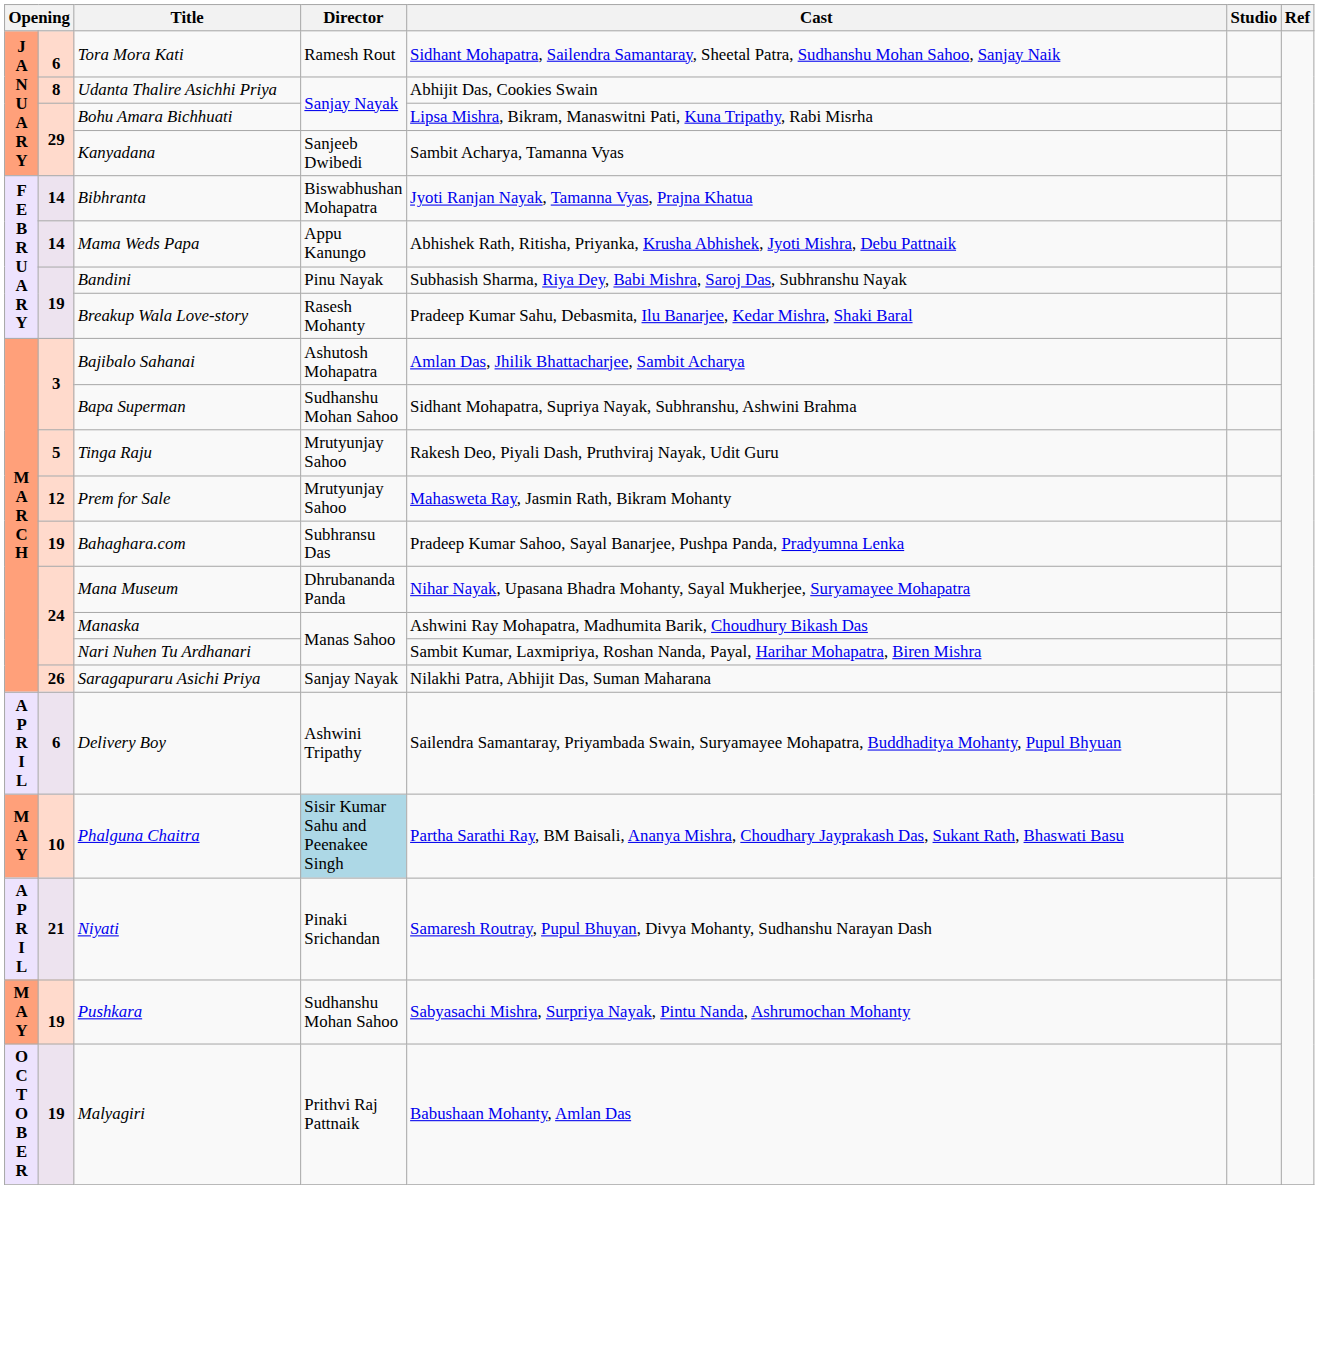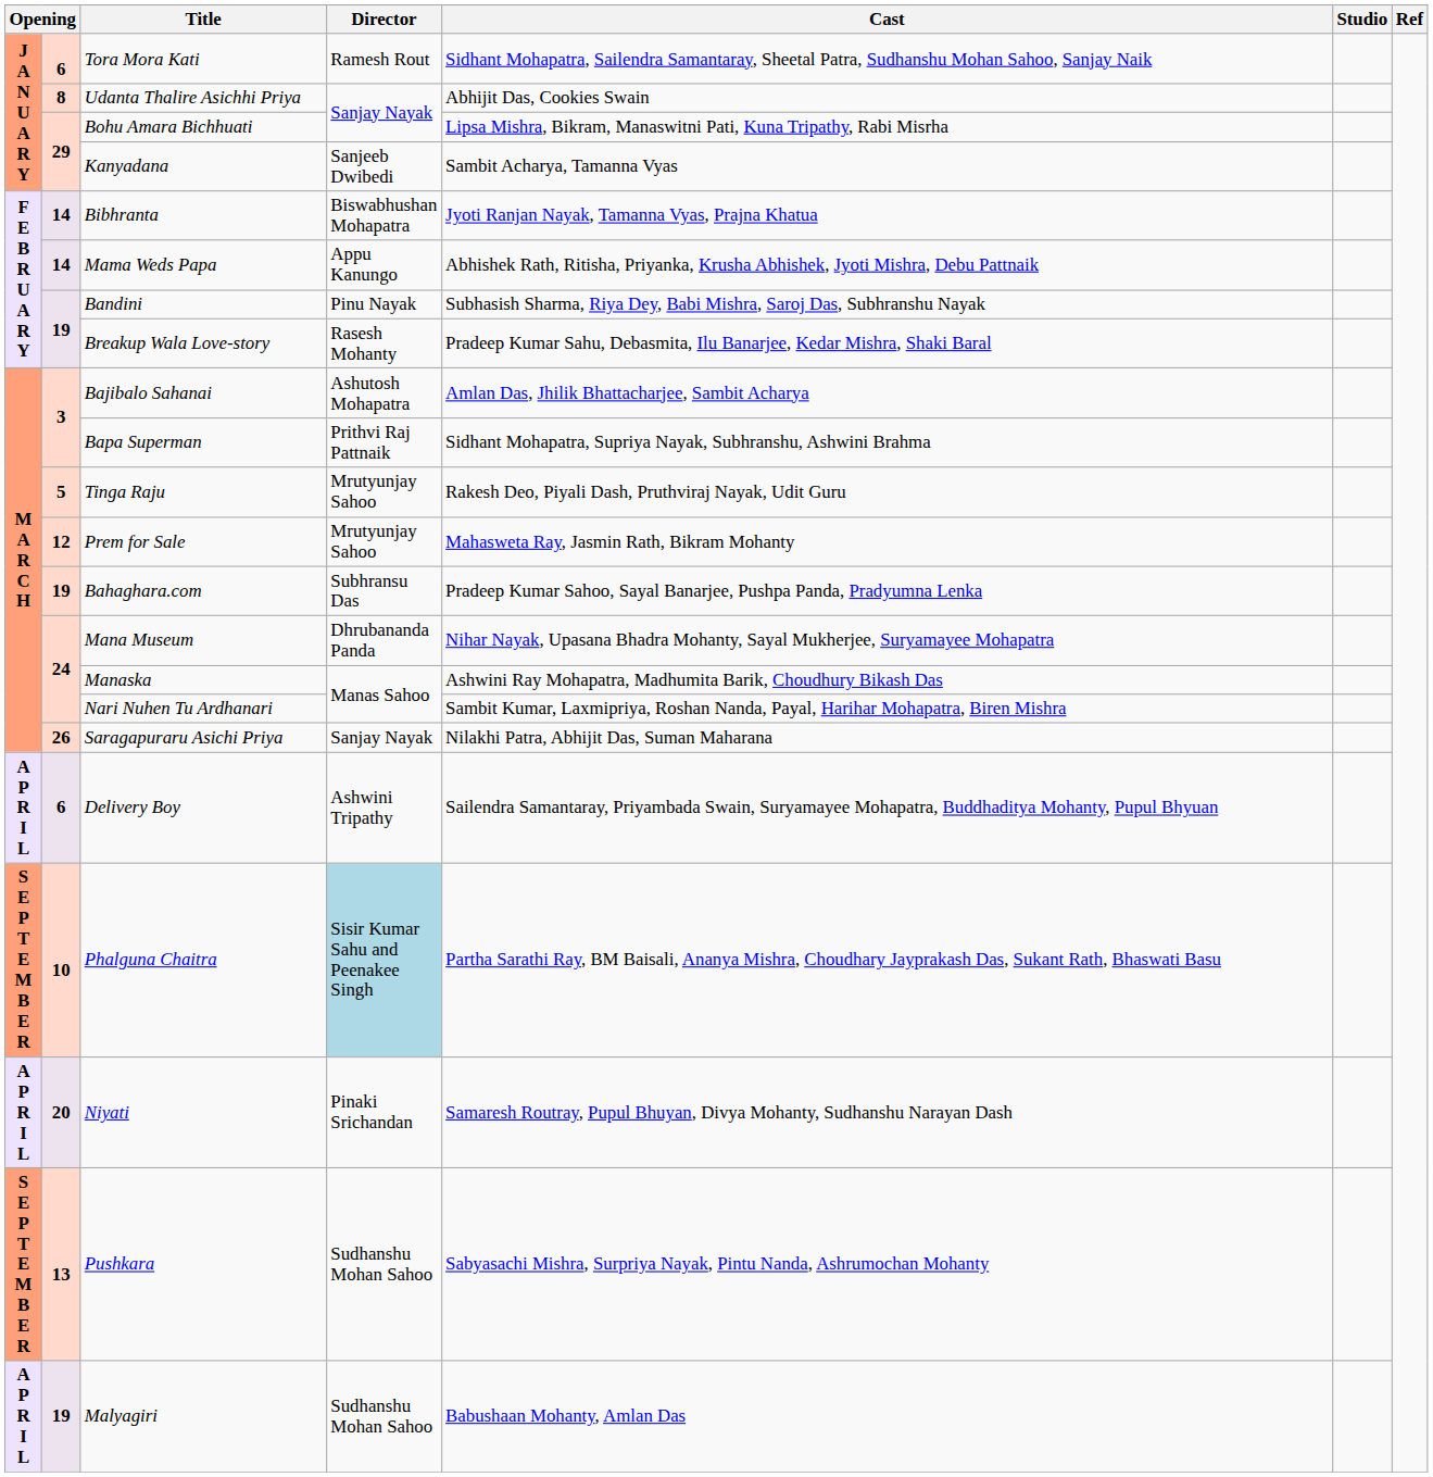 <table class="wikitable sortable">
 <tr>
 <th colspan="2">Opening</th>
 <th style="width:20%;">Title</th>
 <th>Director</th>
 <th style="width:80%;">Cast</th>
 <th>Studio</th>
 <th>Ref</th>
 </tr>
 <tr January!>
 <td rowspan="4"   style="text-align:center;background:#ffa07a;textcolor:#000;"><strong>J<br>A<br>N<br>U<br>A<br>R<br>Y</strong></td>
 <td rowspan="1" style="text-align:center;background:#ffdacc;"><br><strong>6</strong></td>
 <td><em>Tora Mora Kati</em></td>
 <td>Ramesh Rout</td>
 <td><a href='#'>Sidhant Mohapatra</a>, <a href='#'>Sailendra Samantaray</a>, Sheetal Patra, <a href='#'>Sudhanshu Mohan Sahoo</a>, <a href='#'>Sanjay Naik</a></td>
 <td></td>
 </tr>
 <tr>
 <td rowspan="1" style="text-align:center;background:#ffdacc;"><strong>8</strong></td>
 <td><em>Udanta Thalire Asichhi Priya</em></td>
 <td rowspan="2"><a href='#'>Sanjay Nayak</a></td>
 <td>Abhijit Das, Cookies Swain</td>
 <td></td>
 </tr>
 <tr>
 <td rowspan="2" style="text-align:center;background:#ffdacc;"><strong>29</strong></td>
 <td><em>Bohu Amara Bichhuati</em></td>
 <td><a href='#'>Lipsa Mishra</a>, Bikram, Manaswitni Pati, <a href='#'>Kuna Tripathy</a>, Rabi Misrha</td>
 <td></td>
 </tr>
 <tr>
 <td><em>Kanyadana</em></td>
 <td>Sanjeeb Dwibedi</td>
 <td>Sambit Acharya, Tamanna Vyas</td>
 <td></td>
 </tr>
 <tr>
 <th rowspan="4" style="text-align:center; background:#ede3fe;"><strong>F<br>E<br>B<br>R<br>U<br>A<br>R<br>Y</strong></th>
 <td rowspan="1" style="text-align:center; background:#ede3ef;"><strong>14</strong></td>
 <td><em>Bibhranta</em></td>
 <td>Biswabhushan Mohapatra</td>
 <td><a href='#'>Jyoti Ranjan Nayak</a>, <a href='#'>Tamanna Vyas</a>, <a href='#'>Prajna Khatua</a></td>
 <td></td>
 </tr>
 <tr>
 <td rowspan="1" style="text-align:center; background:#ede3ef;"><strong>14</strong></td>
 <td><em>Mama Weds Papa</em></td>
 <td>Appu Kanungo</td>
 <td>Abhishek Rath, Ritisha, Priyanka, <a href='#'>Krusha Abhishek</a>, <a href='#'>Jyoti Mishra</a>, <a href='#'>Debu Pattnaik</a></td>
 <td></td>
 </tr>
 <tr>
 <td rowspan="2" style="text-align:center; background:#ede3ef;"><strong>19</strong></td>
 <td><em>Bandini</em></td>
 <td>Pinu Nayak</td>
 <td>Subhasish Sharma, <a href='#'>Riya Dey</a>, <a href='#'>Babi Mishra</a>, <a href='#'>Saroj Das</a>, Subhranshu Nayak</td>
 <td></td>
 </tr>
 <tr>
 <td><em>Breakup Wala Love-story</em></td>
 <td>Rasesh Mohanty</td>
 <td>Pradeep Kumar Sahu, Debasmita, <a href='#'>Ilu Banarjee</a>, <a href='#'>Kedar Mishra</a>, <a href='#'>Shaki Baral</a></td>
 <td></td>
 </tr>
 <tr March!>
 <td rowspan="9"   style="text-align:center;background:#ffa07a;textcolor:#000;"><strong>M<br>A<br>R<br>C<br>H</strong></td>
 <td rowspan="2" style="text-align:center;background:#ffdacc;"><strong>3</strong></td>
 <td><em>Bajibalo Sahanai</em></td>
 <td>Ashutosh Mohapatra</td>
 <td><a href='#'>Amlan Das</a>, <a href='#'>Jhilik Bhattacharjee</a>, <a href='#'>Sambit Acharya</a></td>
 <td></td>
 </tr>
 <tr>
 <td><em>Bapa Superman</em></td>
-<td>Sudhanshu Mohan Sahoo</td>
+<td>Prithvi Raj Pattnaik</td>
 <td>Sidhant Mohapatra, Supriya Nayak, Subhranshu, Ashwini Brahma</td>
 <td></td>
 </tr>
 <tr>
 <td rowspan="1" style="text-align:center;background:#ffdacc;"><strong>5</strong></td>
 <td><em>Tinga Raju</em></td>
 <td>Mrutyunjay Sahoo</td>
 <td>Rakesh Deo, Piyali Dash, Pruthviraj Nayak, Udit Guru</td>
 <td></td>
 </tr>
 <tr>
 <td rowspan="1" style="text-align:center;background:#ffdacc;"><strong>12</strong></td>
 <td><em>Prem for Sale</em></td>
 <td>Mrutyunjay Sahoo</td>
 <td><a href='#'>Mahasweta Ray</a>, Jasmin Rath, Bikram Mohanty</td>
 <td></td>
 </tr>
 <tr>
 <td rowspan="1" style="text-align:center;background:#ffdacc;"><strong>19</strong></td>
 <td><em>Bahaghara.com</em></td>
 <td>Subhransu Das</td>
 <td>Pradeep Kumar Sahoo, Sayal Banarjee, Pushpa Panda, <a href='#'>Pradyumna Lenka</a></td>
 <td></td>
 </tr>
 <tr>
 <td rowspan="3" style="text-align:center;background:#ffdacc;"><strong>24</strong></td>
 <td><em>Mana Museum</em></td>
 <td>Dhrubananda Panda</td>
 <td><a href='#'>Nihar Nayak</a>, Upasana Bhadra Mohanty, Sayal Mukherjee, <a href='#'>Suryamayee Mohapatra</a></td>
 <td></td>
 </tr>
 <tr>
 <td><em>Manaska</em></td>
 <td rowspan="2">Manas Sahoo</td>
 <td>Ashwini Ray Mohapatra, Madhumita Barik, <a href='#'>Choudhury Bikash Das</a></td>
 <td></td>
 </tr>
 <tr>
 <td><em>Nari Nuhen Tu Ardhanari</em></td>
 <td>Sambit Kumar, Laxmipriya, Roshan Nanda, Payal, <a href='#'>Harihar Mohapatra</a>, <a href='#'>Biren Mishra</a></td>
 <td></td>
 </tr>
 <tr>
 <td rowspan="1" style="text-align:center;background:#ffdacc;"><strong>26</strong></td>
 <td><em>Saragapuraru Asichi Priya</em></td>
 <td>Sanjay Nayak</td>
 <td>Nilakhi Patra, Abhijit Das, Suman Maharana</td>
 <td></td>
 </tr>
 <tr>
 <th rowspan="1" style="text-align:center; background:#ede3fe;"><strong>A<br>P<br>R<br>I<br>L</strong></th>
 <td rowspan="1" style="text-align:center; background:#ede3ef;"><strong>6</strong></td>
 <td><em>Delivery Boy</em></td>
 <td>Ashwini Tripathy</td>
 <td>Sailendra Samantaray, Priyambada Swain, Suryamayee Mohapatra, <a href='#'>Buddhaditya Mohanty</a>, <a href='#'>Pupul Bhyuan</a></td>
 <td></td>
 </tr>
 <tr May!>
-<td rowspan="1"   style="text-align:center;background:#ffa07a;textcolor:#000;"><strong>M<br>A<br>Y</strong></td>
+<td rowspan="1"   style="text-align:center;background:#ffa07a;textcolor:#000;"><strong>S<br>E<br>P<br>T<br>E<br>M<br>B<br>E<br>R</strong></td>
 <td rowspan="1" style="text-align:center;background:#ffdacc;"><br><strong>10</strong></td>
 <td><em><a href='#'>Phalguna Chaitra</a></em></td>
 <td style="background: lightblue;">Sisir Kumar Sahu and Peenakee Singh</td>
 <td><a href='#'>Partha Sarathi Ray</a>, BM Baisali, <a href='#'>Ananya Mishra</a>, <a href='#'>Choudhary Jayprakash Das</a>, <a href='#'>Sukant Rath</a>, <a href='#'>Bhaswati Basu</a></td>
 <td></td>
 </tr>
 <tr>
 <th rowspan="1" style="text-align:center; background:#ede3fe;"><strong>A<br>P<br>R<br>I<br>L</strong></th>
-<td rowspan="1" style="text-align:center; background:#ede3ef;"><strong>21</strong></td>
+<td rowspan="1" style="text-align:center; background:#ede3ef;"><strong>20</strong></td>
 <td><em><a href='#'>Niyati</a></em></td>
 <td>Pinaki Srichandan</td>
 <td><a href='#'>Samaresh Routray</a>, <a href='#'>Pupul Bhuyan</a>, Divya Mohanty, Sudhanshu Narayan Dash</td>
 <td></td>
 </tr>
 <tr September!>
-<td rowspan="1"   style="text-align:center;background:#ffa07a;textcolor:#000;"><strong>M<br>A<br>Y</strong></td>
-<td rowspan="1" style="text-align:center;background:#ffdacc;"><br><strong>19</strong></td>
+<td rowspan="1"   style="text-align:center;background:#ffa07a;textcolor:#000;"><strong>S<br>E<br>P<br>T<br>E<br>M<br>B<br>E<br>R</strong></td>
+<td rowspan="1" style="text-align:center;background:#ffdacc;"><br><strong>13</strong></td>
 <td><em><a href='#'>Pushkara</a></em></td>
 <td>Sudhanshu Mohan Sahoo</td>
 <td><a href='#'>Sabyasachi Mishra</a>, <a href='#'>Surpriya Nayak</a>, <a href='#'>Pintu Nanda</a>, <a href='#'>Ashrumochan Mohanty</a></td>
 <td></td>
 </tr>
 <tr>
-<th rowspan="1" style="text-align:center; background:#ede3fe;"><strong>O<br>C<br>T<br>O<br>B<br>E<br>R</strong></th>
+<th rowspan="1" style="text-align:center; background:#ede3fe;"><strong>A<br>P<br>R<br>I<br>L</strong></th>
 <td rowspan="1" style="text-align:center; background:#ede3ef;"><strong>19</strong></td>
 <td><em>Malyagiri</em></td>
-<td>Prithvi Raj Pattnaik</td>
+<td>Sudhanshu Mohan Sahoo</td>
 <td><a href='#'>Babushaan Mohanty</a>, <a href='#'>Amlan Das</a></td>
 <td></td>
 </tr>
 </table>
